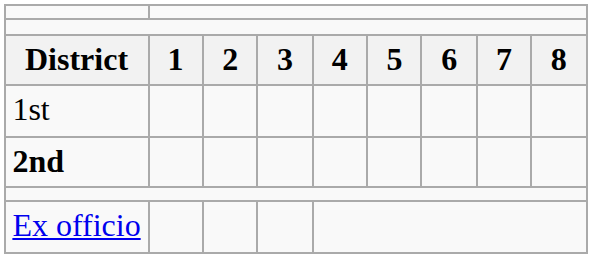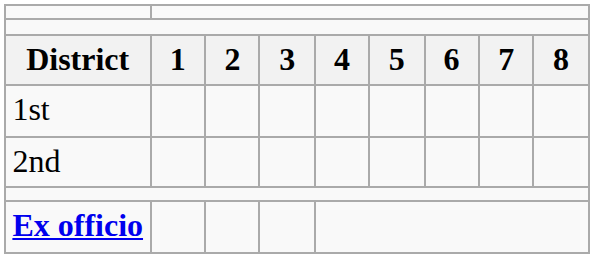 <table class=wikitable>
 <tr>
 <td></td>
 <td colspan=9 bgcolor=></td>
 </tr>
 <tr>
 <td colspan=9></td>
 </tr>
 <tr>
 <th>District</th>
 <th style="width:20px;">1</th>
 <th width=20px>2</th>
 <th width=20px>3</th>
 <th width=20px>4</th>
 <th width=20px>5</th>
 <th width=20px>6</th>
 <th width=20px>7</th>
 <th width=20px>8</th>
 </tr>
 <tr>
 <td>1st</td>
 <td></td>
 <td></td>
 <td></td>
 <td></td>
 <td></td>
 <td></td>
 <td></td>
 <td></td>
 </tr>
 <tr>
-<td><strong>2nd</strong></td>
+<td>2nd</td>
 <td></td>
 <td></td>
 <td></td>
 <td></td>
 <td></td>
 <td></td>
 <td></td>
 <td></td>
 </tr>
 <tr>
 <td colspan=9></td>
 </tr>
 <tr>
-<td><a href='#'>Ex officio</a></td>
+<td><strong><a href='#'>Ex officio</a></strong></td>
 <td></td>
 <td></td>
 <td></td>
 <td colspan=5></td>
 </tr>
 </table>
